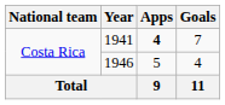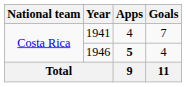 <table class=wikitable style=text-align:center>
 <tr>
 <th>National team</th>
 <th>Year</th>
 <th>Apps</th>
 <th>Goals</th>
 </tr>
 <tr>
 <td rowspan="2"><a href='#'>Costa Rica</a></td>
 <td>1941</td>
-<td><strong>4</strong></td>
+<td>4</td>
 <td>7</td>
 </tr>
 <tr>
 <td>1946</td>
-<td>5</td>
+<td><strong>5</strong></td>
 <td>4</td>
 </tr>
 <tr>
 <th colspan="2">Total</th>
 <th>9</th>
 <th>11</th>
 </tr>
 </table>
